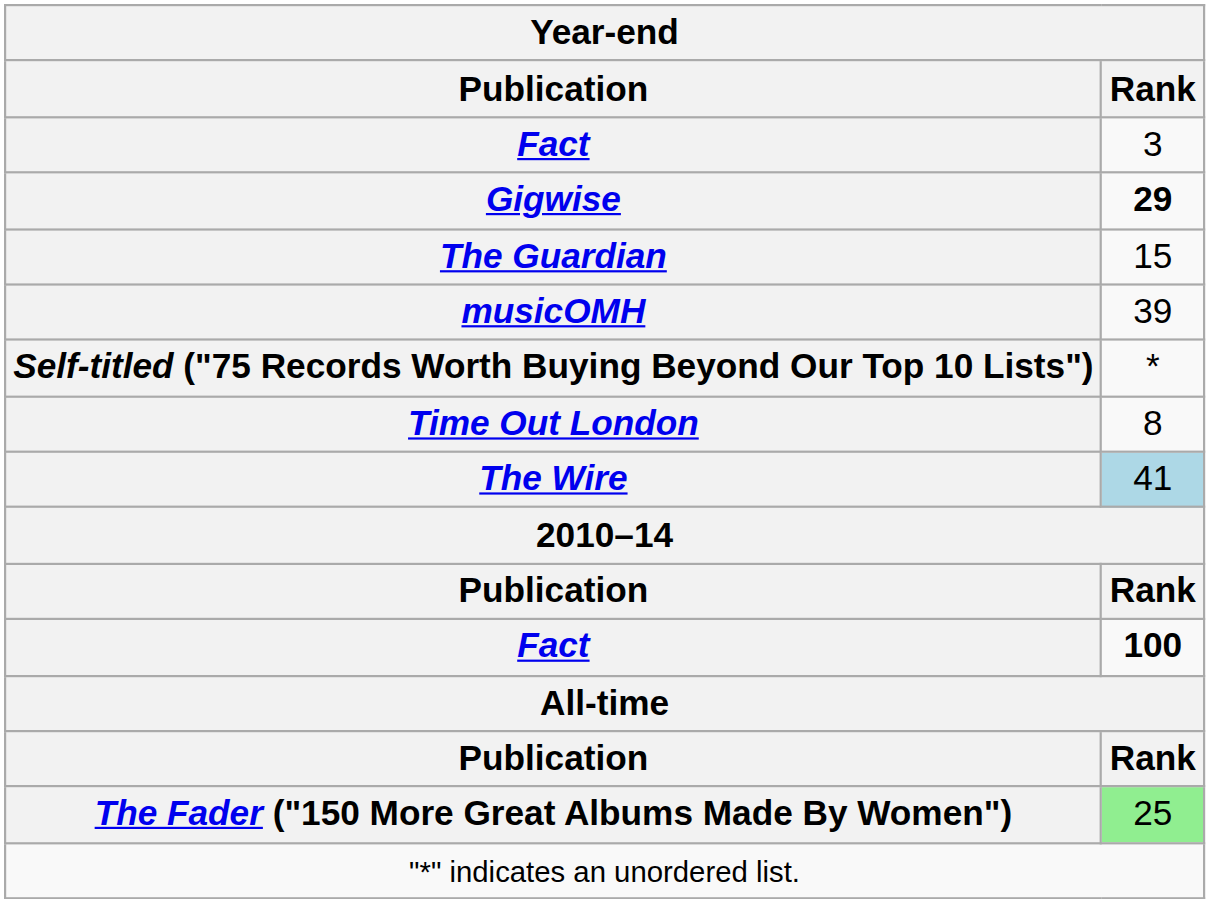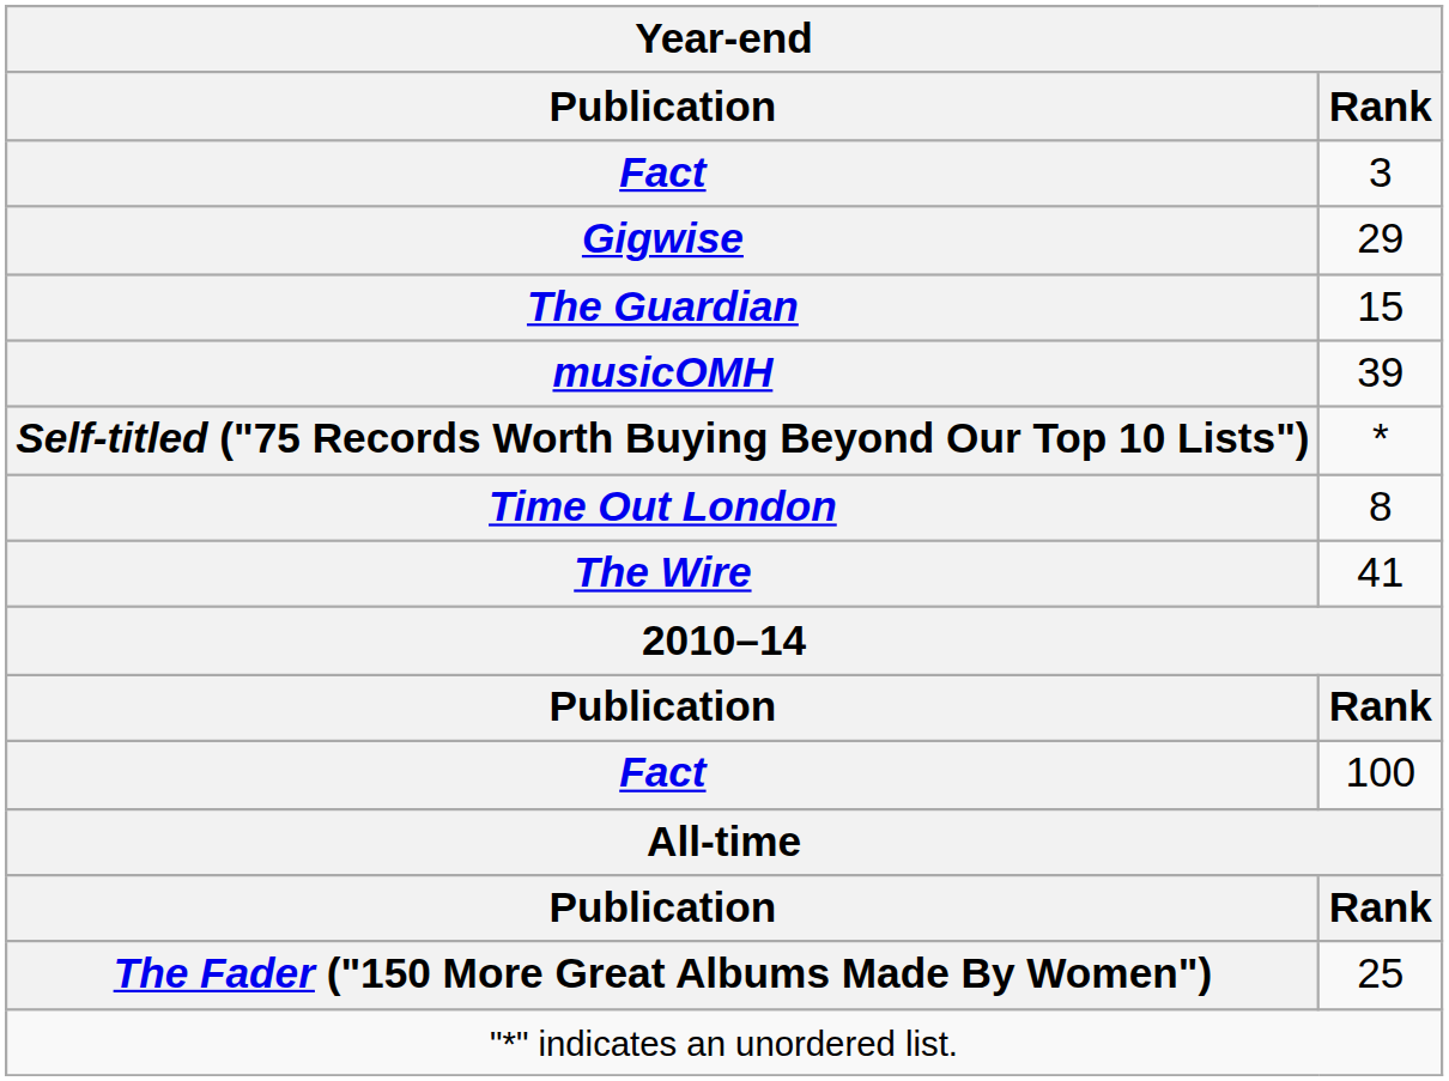 <table class="sortable plainrowheaders wikitable">
 <tr>
 <th colspan=2>Year-end</th>
 </tr>
 <tr>
 <th>Publication</th>
 <th>Rank</th>
 </tr>
 <tr>
 <th scope="row"><em><a href='#'>Fact</a></em></th>
 <td align=center>3</td>
 </tr>
 <tr>
 <th scope="row"><em><a href='#'>Gigwise</a></em></th>
-<td align=center><strong>29</strong></td>
+<td align=center>29</td>
 </tr>
 <tr>
 <th scope="row"><em><a href='#'>The Guardian</a></em></th>
 <td align=center>15</td>
 </tr>
 <tr>
 <th scope="row"><em><a href='#'>musicOMH</a></em></th>
 <td align=center>39</td>
 </tr>
 <tr>
 <th scope="row"><em>Self-titled</em> ("75 Records Worth Buying Beyond Our Top 10 Lists")</th>
 <td align=center>*</td>
 </tr>
 <tr>
 <th scope="row"><em><a href='#'>Time Out London</a></em></th>
 <td align=center>8</td>
 </tr>
 <tr>
 <th scope="row"><em><a href='#'>The Wire</a></em></th>
-<td align=center style="background: lightblue;">41</td>
+<td align=center>41</td>
 </tr>
 <tr>
 <th colspan=2>2010–14</th>
 </tr>
 <tr>
 <th>Publication</th>
 <th>Rank</th>
 </tr>
 <tr>
 <th scope="row"><em><a href='#'>Fact</a></em></th>
-<td align=center><strong>100</strong></td>
+<td align=center>100</td>
 </tr>
 <tr>
 <th colspan=2>All-time</th>
 </tr>
 <tr>
 <th>Publication</th>
 <th>Rank</th>
 </tr>
 <tr>
 <th scope="row"><em><a href='#'>The Fader</a></em> ("150 More Great Albums Made By Women")</th>
-<td align=center style="background: lightgreen;">25</td>
+<td align=center>25</td>
 </tr>
 <tr>
 <td colspan=3 style="text-align:center;"><small>"*" indicates an unordered list.</small></td>
 </tr>
 </table>
